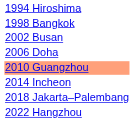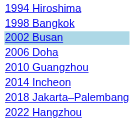 <table>
 <tr>
 <td><a href='#'>1994 Hiroshima</a></td>
 <td></td>
 <td></td>
 <td></td>
 </tr>
 <tr>
 <td><a href='#'>1998 Bangkok</a></td>
 <td></td>
 <td></td>
 <td></td>
 </tr>
 <tr>
-<td><a href='#'>2002 Busan</a></td>
+<td style="background: lightblue;"><a href='#'>2002 Busan</a></td>
 <td></td>
 <td></td>
 <td></td>
 </tr>
 <tr>
 <td><a href='#'>2006 Doha</a></td>
 <td></td>
 <td></td>
 <td></td>
 </tr>
 <tr>
-<td style="background: lightsalmon;"><a href='#'>2010 Guangzhou</a></td>
+<td><a href='#'>2010 Guangzhou</a></td>
 <td></td>
 <td></td>
 <td></td>
 </tr>
 <tr>
 <td><a href='#'>2014 Incheon</a></td>
 <td></td>
 <td></td>
 <td></td>
 </tr>
 <tr>
 <td><a href='#'>2018 Jakarta–Palembang</a></td>
 <td></td>
 <td></td>
 <td></td>
 </tr>
 <tr>
 <td><a href='#'>2022 Hangzhou</a></td>
 <td></td>
 <td></td>
 <td></td>
 </tr>
 </table>
